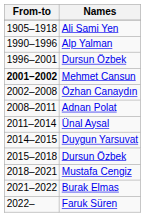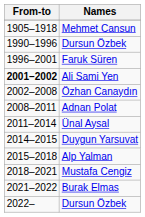 <table class="wikitable">
 <tr>
 <th rowspan="1">From-to</th>
 <th rowspan="1">Names</th>
 </tr>
 <tr>
 </tr>
 <tr>
 <td>1905–1918</td>
-<td><a href='#'>Ali Sami Yen</a></td>
+<td><a href='#'>Mehmet Cansun</a></td>
 </tr>
 <tr>
 <td>1990–1996</td>
-<td><a href='#'>Alp Yalman</a></td>
+<td><a href='#'>Dursun Özbek</a></td>
 </tr>
 <tr>
 <td>1996–2001</td>
-<td><a href='#'>Dursun Özbek</a></td>
+<td><a href='#'>Faruk Süren</a></td>
 </tr>
 <tr>
 <td><strong>2001–2002</strong></td>
-<td><a href='#'>Mehmet Cansun</a></td>
+<td><a href='#'>Ali Sami Yen</a></td>
 </tr>
 <tr>
 <td>2002–2008</td>
 <td><a href='#'>Özhan Canaydın</a></td>
 </tr>
 <tr>
 <td>2008–2011</td>
 <td><a href='#'>Adnan Polat</a></td>
 </tr>
 <tr>
 <td>2011–2014</td>
 <td><a href='#'>Ünal Aysal</a></td>
 </tr>
 <tr>
 <td>2014–2015</td>
 <td><a href='#'>Duygun Yarsuvat</a></td>
 </tr>
 <tr>
 <td>2015–2018</td>
-<td><a href='#'>Dursun Özbek</a></td>
+<td><a href='#'>Alp Yalman</a></td>
 </tr>
 <tr>
 <td>2018–2021</td>
 <td><a href='#'>Mustafa Cengiz</a></td>
 </tr>
 <tr>
 <td>2021–2022</td>
 <td><a href='#'>Burak Elmas</a></td>
 </tr>
 <tr>
 <td>2022–</td>
-<td><a href='#'>Faruk Süren</a></td>
+<td><a href='#'>Dursun Özbek</a></td>
 </tr>
 </table>
